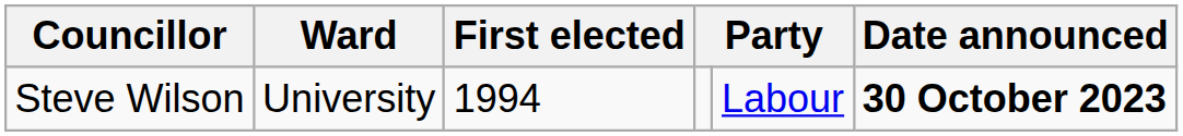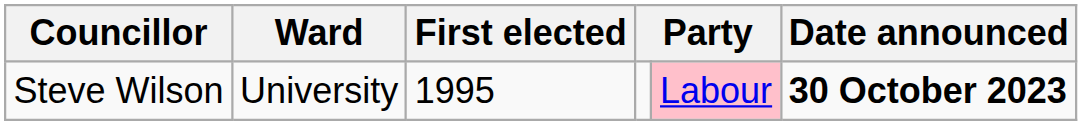 <table class="wikitable sortable">
 <tr>
 <th scope="col">Councillor</th>
 <th scope="col">Ward</th>
 <th scope="col">First elected</th>
 <th colspan="2" scope="col">Party</th>
 <th scope="col">Date announced</th>
 </tr>
 <tr>
 <td>Steve Wilson</td>
 <td>University</td>
-<td>1994</td>
+<td>1995</td>
 <td style="background:"></td>
-<td><a href='#'>Labour</a></td>
+<td style="background: pink;"><a href='#'>Labour</a></td>
 <td><strong>30 October 2023</strong></td>
 </tr>
 </table>
